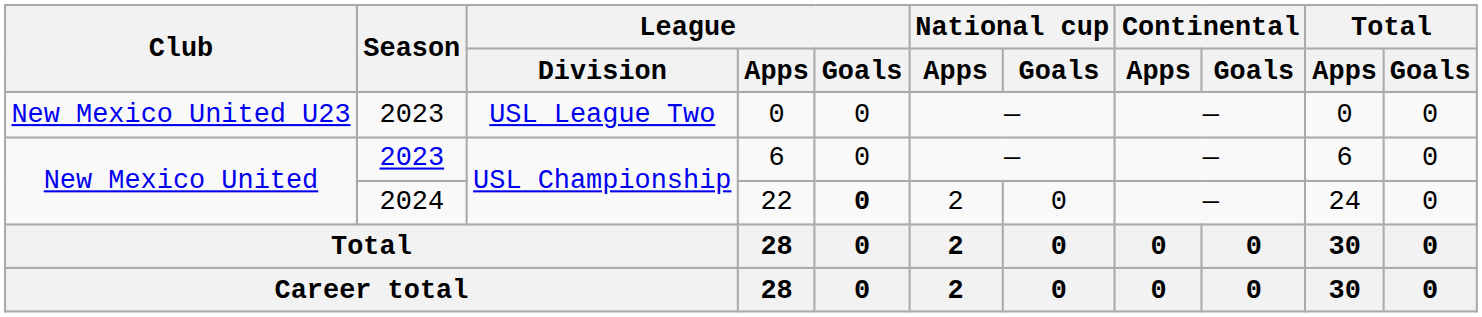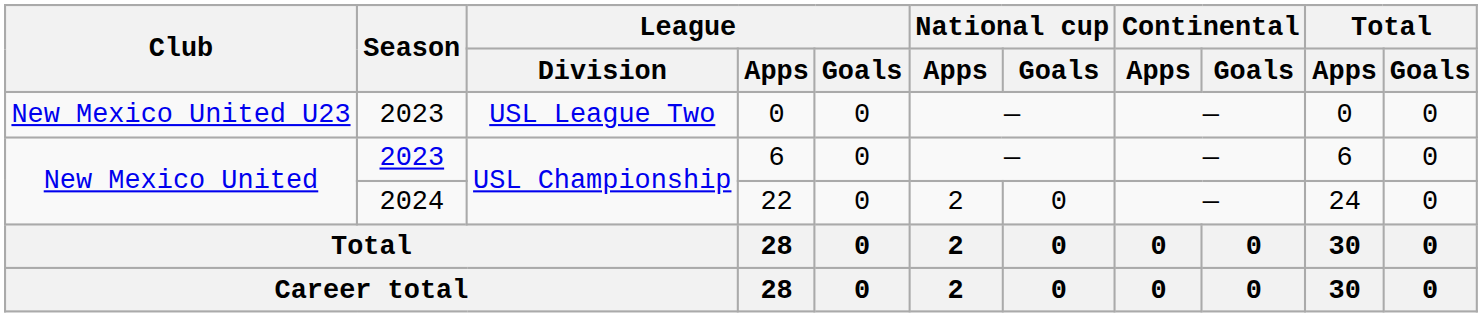 <table class=wikitable style=text-align:center>
 <tr>
 <th rowspan="2">Club</th>
 <th rowspan="2">Season</th>
 <th colspan="3">League</th>
 <th colspan="2">National cup</th>
 <th colspan="2">Continental</th>
 <th colspan="2">Total</th>
 </tr>
 <tr>
 <th>Division</th>
 <th>Apps</th>
 <th>Goals</th>
 <th>Apps</th>
 <th>Goals</th>
 <th>Apps</th>
 <th>Goals</th>
 <th>Apps</th>
 <th>Goals</th>
 </tr>
 <tr>
 <td><a href='#'>New Mexico United U23</a></td>
 <td>2023</td>
 <td><a href='#'>USL League Two</a></td>
 <td>0</td>
 <td>0</td>
 <td colspan="2">—</td>
 <td colspan="2">—</td>
 <td>0</td>
 <td>0</td>
 </tr>
 <tr>
 <td rowspan="2"><a href='#'>New Mexico United</a></td>
 <td><a href='#'>2023</a></td>
 <td rowspan="2"><a href='#'>USL Championship</a></td>
 <td>6</td>
 <td>0</td>
 <td colspan="2">—</td>
 <td colspan="2">—</td>
 <td>6</td>
 <td>0</td>
 </tr>
 <tr>
 <td>2024</td>
 <td>22</td>
-<td><strong>0</strong></td>
+<td>0</td>
 <td>2</td>
 <td>0</td>
 <td colspan="2">—</td>
 <td>24</td>
 <td>0</td>
 </tr>
 <tr>
 <th colspan="3">Total</th>
 <th>28</th>
 <th>0</th>
 <th>2</th>
 <th>0</th>
 <th>0</th>
 <th>0</th>
 <th>30</th>
 <th>0</th>
 </tr>
 <tr>
 <th colspan="3">Career total</th>
 <th>28</th>
 <th>0</th>
 <th>2</th>
 <th>0</th>
 <th>0</th>
 <th>0</th>
 <th>30</th>
 <th>0</th>
 </tr>
 </table>
